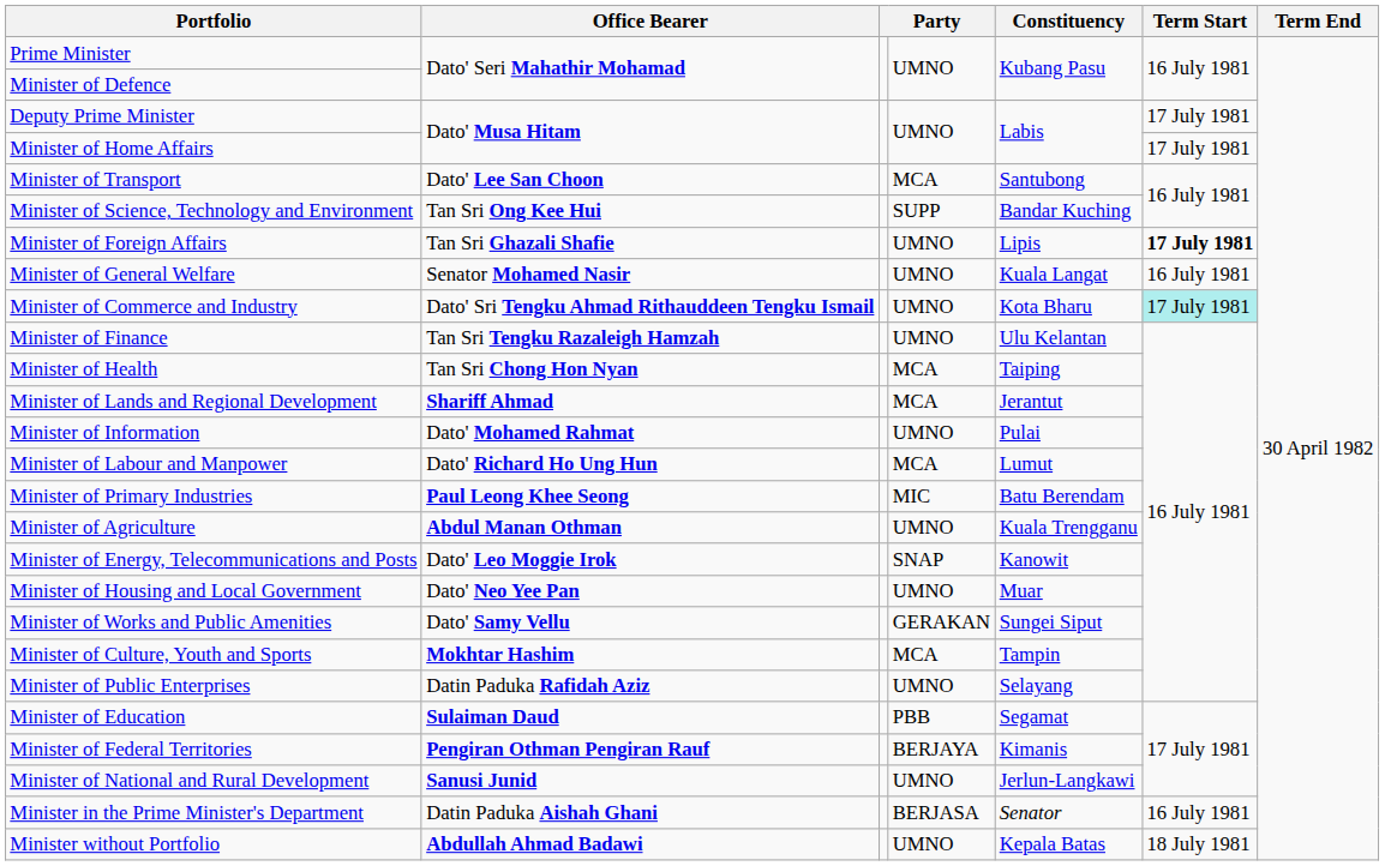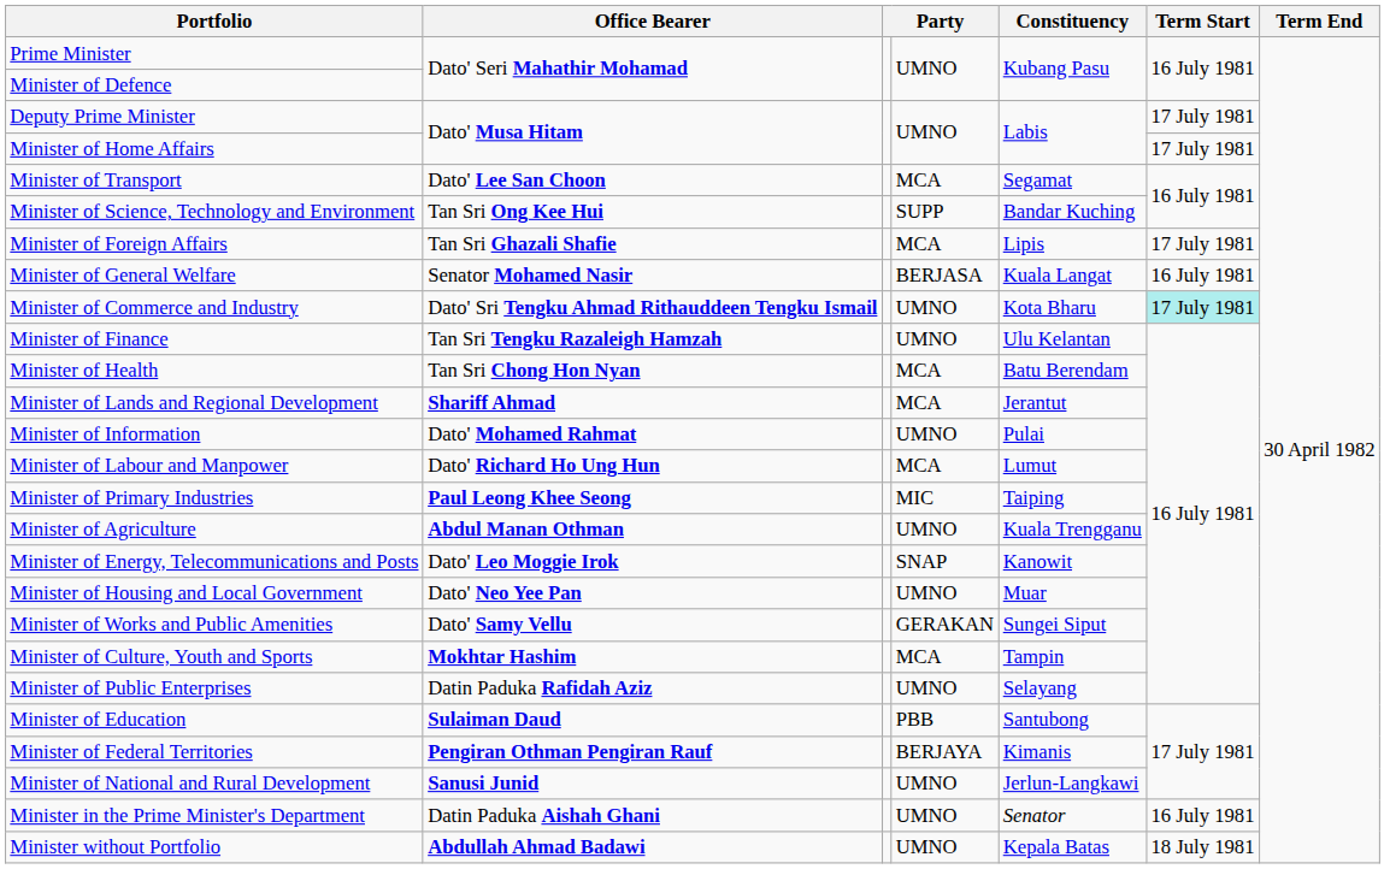 <table class="sortable wikitable">
 <tr>
 <th>Portfolio</th>
 <th>Office Bearer</th>
 <th colspan=2>Party</th>
 <th>Constituency</th>
 <th>Term Start</th>
 <th>Term End</th>
 </tr>
 <tr>
 <td><a href='#'>Prime Minister</a></td>
 <td rowspan=2>Dato' Seri <strong><a href='#'>Mahathir Mohamad</a></strong> </td>
 <td rowspan=2 bgcolor=></td>
 <td rowspan=2>UMNO</td>
 <td rowspan=2><a href='#'>Kubang Pasu</a></td>
 <td rowspan=2>16 July 1981</td>
 <td rowspan=26>30 April 1982</td>
 </tr>
 <tr>
 <td><a href='#'>Minister of Defence</a></td>
 </tr>
 <tr>
 <td><a href='#'>Deputy Prime Minister</a></td>
 <td rowspan=2>Dato' <strong><a href='#'>Musa Hitam</a></strong> </td>
 <td rowspan=2></td>
 <td rowspan=2>UMNO</td>
 <td rowspan=2><a href='#'>Labis</a></td>
 <td>17 July 1981</td>
 </tr>
 <tr>
 <td><a href='#'>Minister of Home Affairs</a></td>
 <td>17 July 1981</td>
 </tr>
 <tr>
 <td><a href='#'>Minister of Transport</a></td>
 <td>Dato' <strong><a href='#'>Lee San Choon</a></strong> </td>
 <td></td>
 <td>MCA</td>
-<td><a href='#'>Santubong</a></td>
+<td><a href='#'>Segamat</a></td>
 <td rowspan=2>16 July 1981</td>
 </tr>
 <tr>
 <td><a href='#'>Minister of Science, Technology and Environment</a></td>
 <td>Tan Sri <strong><a href='#'>Ong Kee Hui</a></strong> </td>
 <td bgcolor=></td>
 <td>SUPP</td>
 <td><a href='#'>Bandar Kuching</a></td>
 </tr>
 <tr>
 <td><a href='#'>Minister of Foreign Affairs</a></td>
 <td>Tan Sri <strong><a href='#'>Ghazali Shafie</a></strong> </td>
 <td></td>
-<td>UMNO</td>
+<td>MCA</td>
 <td><a href='#'>Lipis</a></td>
-<td><strong>17 July 1981</strong></td>
+<td>17 July 1981</td>
 </tr>
 <tr>
 <td><a href='#'>Minister of General Welfare</a></td>
 <td>Senator <strong><a href='#'>Mohamed Nasir</a></strong></td>
 <td></td>
-<td>UMNO</td>
+<td>BERJASA</td>
 <td><a href='#'>Kuala Langat</a></td>
 <td>16 July 1981</td>
 </tr>
 <tr>
 <td><a href='#'>Minister of Commerce and Industry</a></td>
 <td>Dato' Sri <strong><a href='#'>Tengku Ahmad Rithauddeen Tengku Ismail</a></strong> </td>
 <td></td>
 <td>UMNO</td>
 <td><a href='#'>Kota Bharu</a></td>
 <td style="background: paleturquoise;">17 July 1981</td>
 </tr>
 <tr>
 <td><a href='#'>Minister of Finance</a></td>
 <td>Tan Sri <strong><a href='#'>Tengku Razaleigh Hamzah</a></strong> </td>
 <td></td>
 <td>UMNO</td>
 <td><a href='#'>Ulu Kelantan</a></td>
 <td rowspan=12>16 July 1981</td>
 </tr>
 <tr>
 <td><a href='#'>Minister of Health</a></td>
 <td>Tan Sri <strong><a href='#'>Chong Hon Nyan</a></strong> </td>
 <td></td>
 <td>MCA</td>
-<td><a href='#'>Taiping</a></td>
+<td><a href='#'>Batu Berendam</a></td>
 </tr>
 <tr>
 <td><a href='#'>Minister of Lands and Regional Development</a></td>
 <td><strong><a href='#'>Shariff Ahmad</a></strong> </td>
 <td></td>
 <td>MCA</td>
 <td><a href='#'>Jerantut</a></td>
 </tr>
 <tr>
 <td><a href='#'>Minister of Information</a></td>
 <td>Dato' <strong><a href='#'>Mohamed Rahmat</a></strong> </td>
 <td></td>
 <td>UMNO</td>
 <td><a href='#'>Pulai</a></td>
 </tr>
 <tr>
 <td><a href='#'>Minister of Labour and Manpower</a></td>
 <td>Dato' <strong><a href='#'>Richard Ho Ung Hun</a></strong> </td>
 <td></td>
 <td>MCA</td>
 <td><a href='#'>Lumut</a></td>
 </tr>
 <tr>
 <td><a href='#'>Minister of Primary Industries</a></td>
 <td><strong><a href='#'>Paul Leong Khee Seong</a></strong> </td>
 <td bgcolor=></td>
 <td>MIC</td>
-<td><a href='#'>Batu Berendam</a></td>
+<td><a href='#'>Taiping</a></td>
 </tr>
 <tr>
 <td><a href='#'>Minister of Agriculture</a></td>
 <td><strong><a href='#'>Abdul Manan Othman</a></strong> </td>
 <td></td>
 <td>UMNO</td>
 <td><a href='#'>Kuala Trengganu</a></td>
 </tr>
 <tr>
 <td><a href='#'>Minister of Energy, Telecommunications and Posts</a></td>
 <td>Dato' <strong><a href='#'>Leo Moggie Irok</a></strong> </td>
 <td></td>
 <td>SNAP</td>
 <td><a href='#'>Kanowit</a></td>
 </tr>
 <tr>
 <td><a href='#'>Minister of Housing and Local Government</a></td>
 <td>Dato' <strong><a href='#'>Neo Yee Pan</a></strong> </td>
 <td></td>
 <td>UMNO</td>
 <td><a href='#'>Muar</a></td>
 </tr>
 <tr>
 <td><a href='#'>Minister of Works and Public Amenities</a></td>
 <td>Dato' <strong><a href='#'>Samy Vellu</a></strong> </td>
 <td></td>
 <td>GERAKAN</td>
 <td><a href='#'>Sungei Siput</a></td>
 </tr>
 <tr>
 <td><a href='#'>Minister of Culture, Youth and Sports</a></td>
 <td><strong><a href='#'>Mokhtar Hashim</a></strong> </td>
 <td></td>
 <td>MCA</td>
 <td><a href='#'>Tampin</a></td>
 </tr>
 <tr>
 <td><a href='#'>Minister of Public Enterprises</a></td>
 <td>Datin Paduka <strong><a href='#'>Rafidah Aziz</a></strong> </td>
 <td></td>
 <td>UMNO</td>
 <td><a href='#'>Selayang</a></td>
 </tr>
 <tr>
 <td><a href='#'>Minister of Education</a></td>
 <td><strong><a href='#'>Sulaiman Daud</a></strong> </td>
 <td></td>
 <td>PBB</td>
-<td><a href='#'>Segamat</a></td>
+<td><a href='#'>Santubong</a></td>
 <td rowspan=3>17 July 1981</td>
 </tr>
 <tr>
 <td><a href='#'>Minister of Federal Territories</a></td>
 <td><strong><a href='#'>Pengiran Othman Pengiran Rauf</a></strong> </td>
 <td></td>
 <td>BERJAYA</td>
 <td><a href='#'>Kimanis</a></td>
 </tr>
 <tr>
 <td><a href='#'>Minister of National and Rural Development</a></td>
 <td><strong><a href='#'>Sanusi Junid</a></strong> </td>
 <td></td>
 <td>UMNO</td>
 <td><a href='#'>Jerlun-Langkawi</a></td>
 </tr>
 <tr>
 <td><a href='#'>Minister in the Prime Minister's Department</a></td>
 <td>Datin Paduka <strong><a href='#'>Aishah Ghani</a></strong> </td>
 <td></td>
-<td>BERJASA</td>
+<td>UMNO</td>
 <td><em>Senator</em></td>
 <td>16 July 1981</td>
 </tr>
 <tr>
 <td><a href='#'>Minister without Portfolio</a></td>
 <td><strong><a href='#'>Abdullah Ahmad Badawi</a></strong> </td>
 <td></td>
 <td>UMNO</td>
 <td><a href='#'>Kepala Batas</a></td>
 <td>18 July 1981</td>
 </tr>
 </table>
